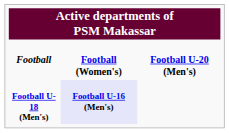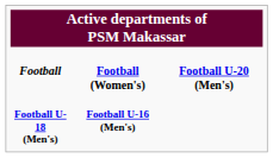 <table class="infobox" style="font-size: 88%; width: 22em; text-align: center">
 <tr>
 <th colspan=3 style="font-size: 125%; background-color:#603; color:white; text-align:center;">Active departments of<br>PSM Makassar</th>
 </tr>
 <tr style="text-align: center">
 <td><br> <strong><em>Football</em></strong></td>
 <td><br> <strong><a href='#'>Football</a> (Women's)</strong></td>
 <td><br> <strong><a href='#'>Football U-20</a> (Men's)</strong></td>
 </tr>
 <tr style="font-size: 90%; text-align: center">
 <td><br><strong><a href='#'>Football U-18</a> <br> (Men's)</strong></td>
-<td style="background: lavender;"><br> <strong><a href='#'>Football U-16</a> <br> (Men's)</strong></td>
+<td><br> <strong><a href='#'>Football U-16</a> <br> (Men's)</strong></td>
 </tr>
 </table>
